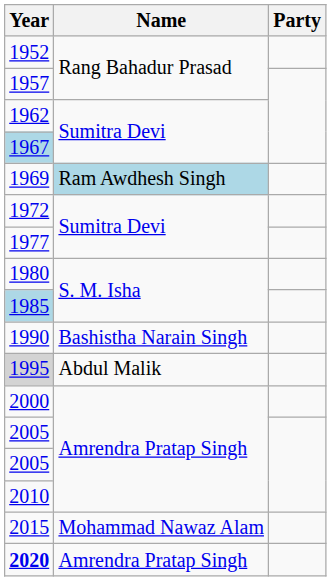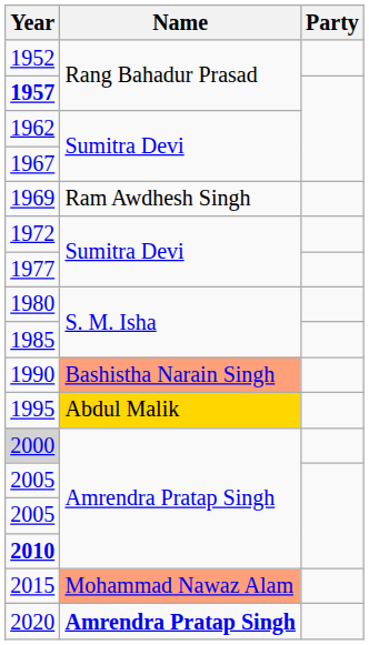 <table class="wikitable">
 <tr>
 <th>Year</th>
 <th>Name</th>
 <th colspan="2">Party</th>
 </tr>
 <tr>
 <td><a href='#'>1952</a></td>
 <td rowspan="2">Rang Bahadur Prasad</td>
 <td></td>
 </tr>
 <tr>
-<td><a href='#'>1957</a></td>
+<td><strong><a href='#'>1957</a></strong></td>
 </tr>
 <tr>
 <td><a href='#'>1962</a></td>
 <td rowspan="2"><a href='#'>Sumitra Devi</a></td>
 </tr>
 <tr>
-<td style="background: lightblue;"><a href='#'>1967</a></td>
+<td><a href='#'>1967</a></td>
 </tr>
 <tr>
 <td><a href='#'>1969</a></td>
-<td style="background: lightblue;">Ram Awdhesh Singh</td>
+<td>Ram Awdhesh Singh</td>
 <td></td>
 </tr>
 <tr>
 <td><a href='#'>1972</a></td>
 <td rowspan="2"><a href='#'>Sumitra Devi</a></td>
 <td></td>
 </tr>
 <tr>
 <td><a href='#'>1977</a></td>
 <td></td>
 </tr>
 <tr>
 <td><a href='#'>1980</a></td>
 <td rowspan="2"><a href='#'>S. M. Isha</a></td>
 <td></td>
 </tr>
 <tr>
-<td style="background: lightblue;"><a href='#'>1985</a></td>
+<td><a href='#'>1985</a></td>
 <td></td>
 </tr>
 <tr>
 <td><a href='#'>1990</a></td>
-<td><a href='#'>Bashistha Narain Singh</a></td>
+<td style="background: lightsalmon;"><a href='#'>Bashistha Narain Singh</a></td>
 <td></td>
 </tr>
 <tr>
-<td style="background: lightgrey;"><a href='#'>1995</a></td>
-<td>Abdul Malik</td>
+<td><a href='#'>1995</a></td>
+<td style="background: gold;">Abdul Malik</td>
 </tr>
 <tr>
-<td><a href='#'>2000</a></td>
+<td style="background: lightgrey;"><a href='#'>2000</a></td>
 <td rowspan="4"><a href='#'>Amrendra Pratap Singh</a></td>
 <td></td>
 </tr>
 <tr>
 <td><a href='#'>2005</a></td>
 </tr>
 <tr>
 <td><a href='#'>2005</a></td>
 </tr>
 <tr>
-<td><a href='#'>2010</a></td>
+<td><strong><a href='#'>2010</a></strong></td>
 </tr>
 <tr>
 <td><a href='#'>2015</a></td>
-<td><a href='#'>Mohammad Nawaz Alam</a></td>
+<td style="background: lightsalmon;"><a href='#'>Mohammad Nawaz Alam</a></td>
 <td></td>
 </tr>
 <tr>
-<td><strong><a href='#'>2020</a></strong></td>
-<td><a href='#'>Amrendra Pratap Singh</a></td>
+<td><a href='#'>2020</a></td>
+<td><strong><a href='#'>Amrendra Pratap Singh</a></strong></td>
 <td></td>
 </tr>
 </table>
